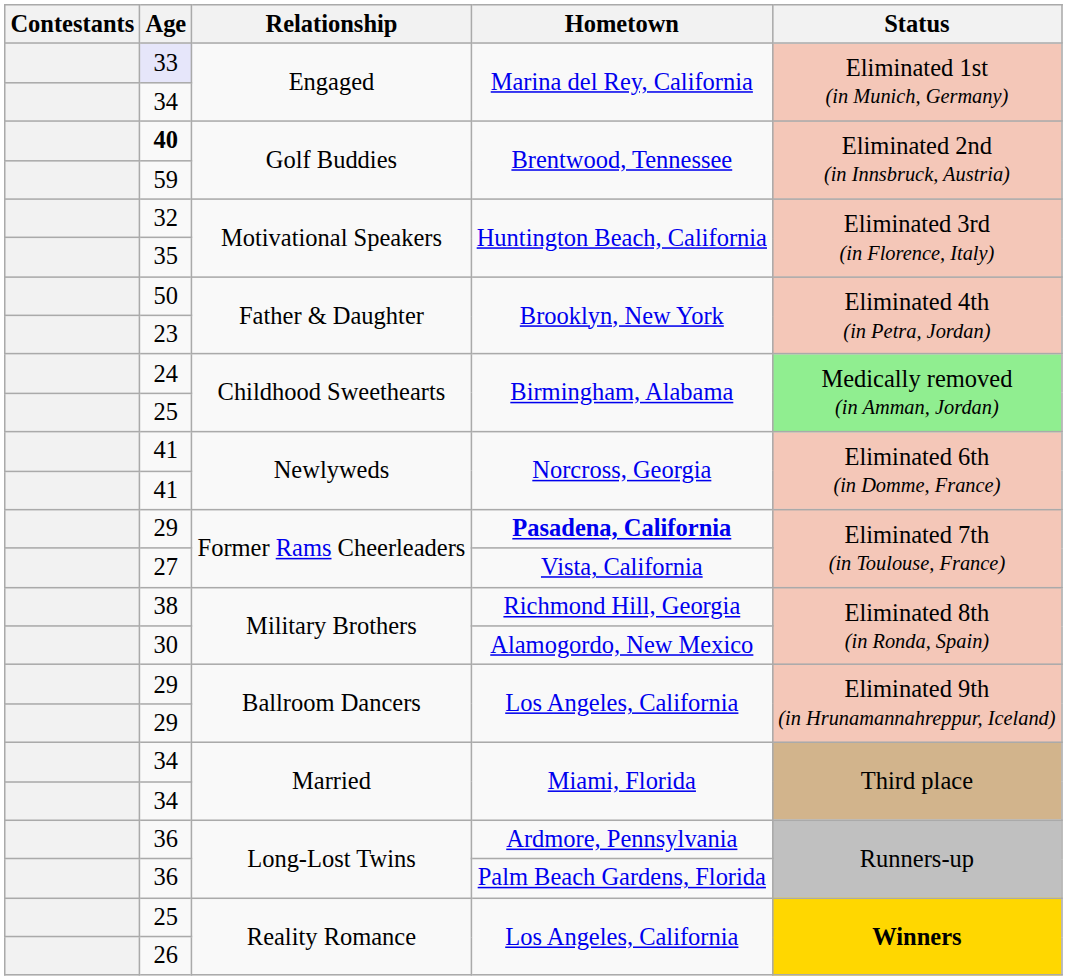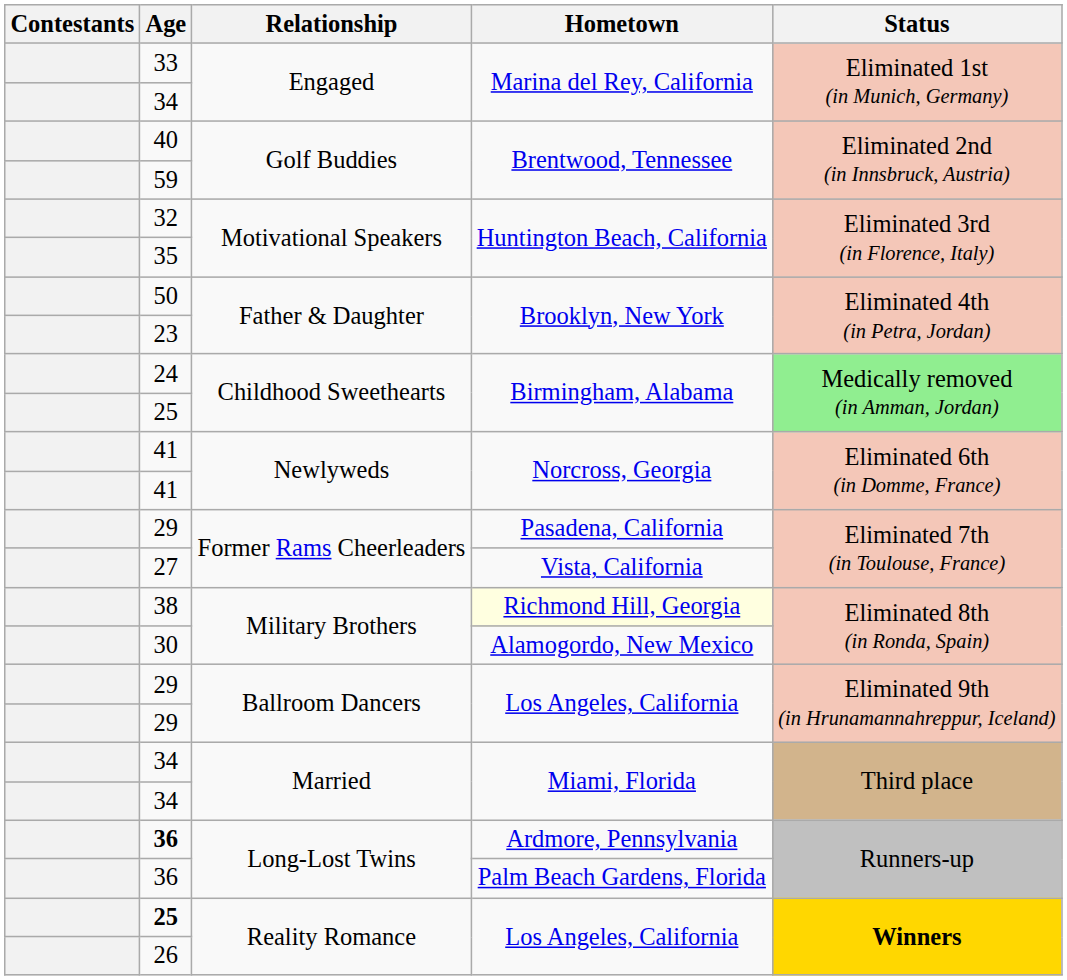 <table class="wikitable sortable" style="text-align:center;">
 <tr>
 <th scope="col">Contestants</th>
 <th scope="col">Age</th>
 <th scope="col" class="unsortable">Relationship</th>
 <th class="unsortable" scope="col">Hometown</th>
 <th scope="col">Status</th>
 </tr>
 <tr>
 <th scope="row"></th>
-<td style="background: lavender;">33</td>
+<td>33</td>
 <td rowspan="2">Engaged</td>
 <td rowspan="2"><a href='#'>Marina del Rey, California</a></td>
 <td rowspan="2" style="background:#f4c7b8">Eliminated 1st<br><small><em>(in Munich, Germany)</em></small></td>
 </tr>
 <tr>
 <th scope="row"></th>
 <td>34</td>
 </tr>
 <tr>
 <th scope="row"></th>
-<td><strong>40</strong></td>
+<td>40</td>
 <td rowspan="2">Golf Buddies</td>
 <td rowspan="2"><a href='#'>Brentwood, Tennessee</a></td>
 <td rowspan="2" style="background:#f4c7b8">Eliminated 2nd<br><small><em>(in Innsbruck, Austria)</em></small></td>
 </tr>
 <tr>
 <th scope="row"></th>
 <td>59</td>
 </tr>
 <tr>
 <th scope="row"></th>
 <td>32</td>
 <td rowspan="2">Motivational Speakers</td>
 <td rowspan="2"><a href='#'>Huntington Beach, California</a></td>
 <td rowspan="2" style="background:#f4c7b8">Eliminated 3rd<br><small><em>(in Florence, Italy)</em></small></td>
 </tr>
 <tr>
 <th scope="row"></th>
 <td>35</td>
 </tr>
 <tr>
 <th scope="row"></th>
 <td>50</td>
 <td rowspan="2">Father & Daughter</td>
 <td rowspan="2"><a href='#'>Brooklyn, New York</a></td>
 <td rowspan="2" style="background:#f4c7b8">Eliminated 4th<br><small><em>(in Petra, Jordan)</em></small></td>
 </tr>
 <tr>
 <th scope="row"></th>
 <td>23</td>
 </tr>
 <tr>
 <th scope="row"></th>
 <td>24</td>
 <td rowspan="2">Childhood Sweethearts</td>
 <td rowspan="2"><a href='#'>Birmingham, Alabama</a></td>
 <td rowspan="2" bgcolor="lightgreen">Medically removed<br><small><em>(in Amman, Jordan)</em></small></td>
 </tr>
 <tr>
 <th scope="row"></th>
 <td>25</td>
 </tr>
 <tr>
 <th scope="row"></th>
 <td>41</td>
 <td rowspan="2">Newlyweds</td>
 <td rowspan="2"><a href='#'>Norcross, Georgia</a></td>
 <td rowspan="2" style="background:#f4c7b8">Eliminated 6th<br><small><em>(in Domme, France)</em></small></td>
 </tr>
 <tr>
 <th scope="row"></th>
 <td>41</td>
 </tr>
 <tr>
 <th scope="row"></th>
 <td>29</td>
 <td rowspan="2">Former <a href='#'>Rams</a> Cheerleaders</td>
-<td><strong><a href='#'>Pasadena, California</a></strong></td>
+<td><a href='#'>Pasadena, California</a></td>
 <td rowspan="2" style="background:#f4c7b8">Eliminated 7th<br><small><em>(in Toulouse, France)</em></small></td>
 </tr>
 <tr>
 <th scope="row"></th>
 <td>27</td>
 <td><a href='#'>Vista, California</a></td>
 </tr>
 <tr>
 <th scope="row"></th>
 <td>38</td>
 <td rowspan="2">Military Brothers</td>
-<td><a href='#'>Richmond Hill, Georgia</a></td>
+<td style="background: lightyellow;"><a href='#'>Richmond Hill, Georgia</a></td>
 <td rowspan="2" style="background:#f4c7b8">Eliminated 8th<br><small><em>(in Ronda, Spain)</em></small></td>
 </tr>
 <tr>
 <th scope="row"></th>
 <td>30</td>
 <td><a href='#'>Alamogordo, New Mexico</a></td>
 </tr>
 <tr>
 <th scope="row"></th>
 <td>29</td>
 <td rowspan="2">Ballroom Dancers</td>
 <td rowspan="2"><a href='#'>Los Angeles, California</a></td>
 <td rowspan="2" style="background:#f4c7b8">Eliminated 9th<br><small><em>(in Hrunamannahreppur, Iceland)</em></small></td>
 </tr>
 <tr>
 <th scope="row"></th>
 <td>29</td>
 </tr>
 <tr>
 <th scope="row"></th>
 <td>34</td>
 <td rowspan="2">Married</td>
 <td rowspan="2"><a href='#'>Miami, Florida</a></td>
 <td rowspan="2" bgcolor="tan">Third place</td>
 </tr>
 <tr>
 <th scope="row"></th>
 <td>34</td>
 </tr>
 <tr>
 <th scope="row"></th>
-<td>36</td>
+<td><strong>36</strong></td>
 <td rowspan="2">Long-Lost Twins</td>
 <td><a href='#'>Ardmore, Pennsylvania</a></td>
 <td rowspan="2" bgcolor="silver">Runners-up</td>
 </tr>
 <tr>
 <th scope="row"></th>
 <td>36</td>
 <td><a href='#'>Palm Beach Gardens, Florida</a></td>
 </tr>
 <tr>
 <th scope="row"></th>
-<td>25</td>
+<td><strong>25</strong></td>
 <td rowspan="2">Reality Romance</td>
 <td rowspan="2"><a href='#'>Los Angeles, California</a></td>
 <td rowspan="2" bgcolor="gold"><strong>Winners</strong></td>
 </tr>
 <tr>
 <th scope="row"></th>
 <td>26</td>
 </tr>
 </table>
